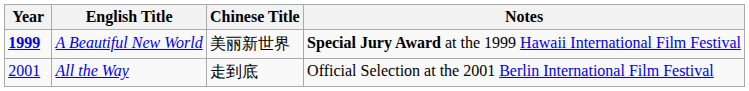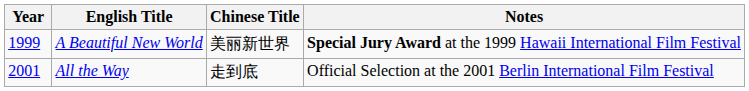 <table class="wikitable">
 <tr>
 <th align="left" valign="top" width="40">Year</th>
 <th align="left" valign="top">English Title</th>
 <th align="left" valign="top">Chinese Title</th>
 <th align="left" valign="top">Notes</th>
 </tr>
 <tr>
-<td align="left" valign="top"><strong><a href='#'>1999</a></strong></td>
+<td align="left" valign="top"><a href='#'>1999</a></td>
 <td align="left" valign="top"><em><a href='#'>A Beautiful New World</a></em></td>
 <td align="left" valign="top">美丽新世界</td>
 <td align="left" valign="top"><strong>Special Jury Award</strong> at the 1999 <a href='#'>Hawaii International Film Festival</a></td>
 </tr>
 <tr>
 <td align="left" valign="top"><a href='#'>2001</a></td>
 <td align="left" valign="top"><em><a href='#'>All the Way</a></em></td>
 <td align="left" valign="top">走到底</td>
 <td align="left" valign="top">Official Selection at the 2001 <a href='#'>Berlin International Film Festival</a></td>
 </tr>
 <tr>
 </tr>
 </table>
